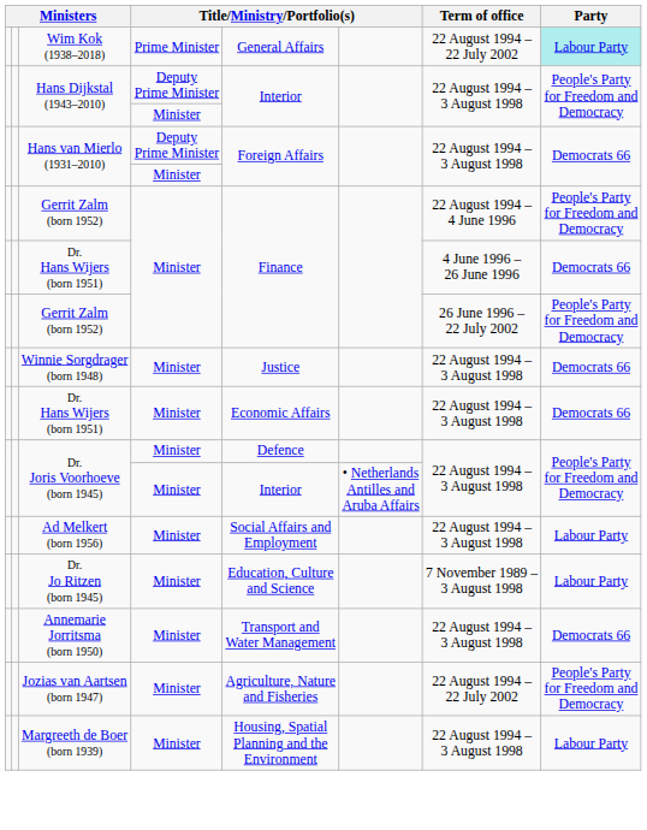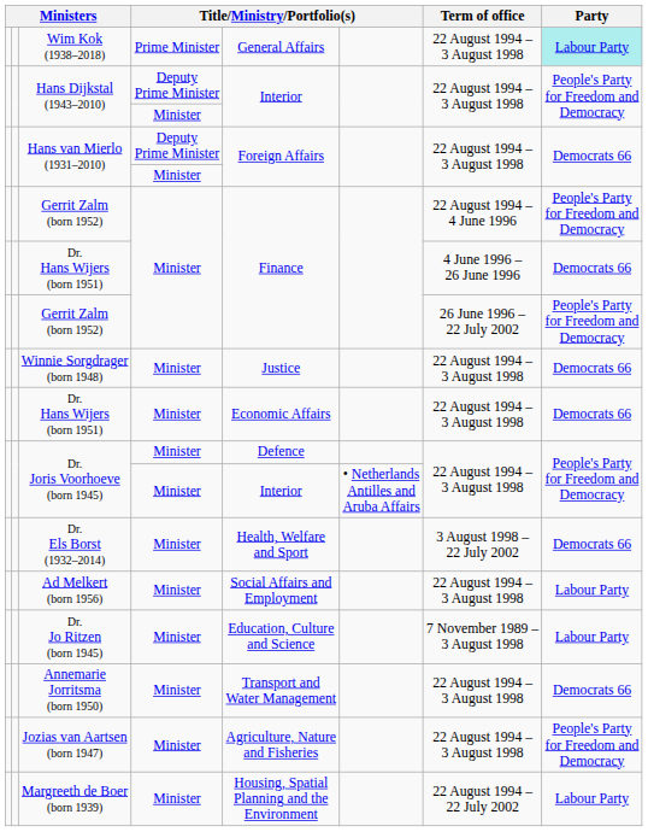 <table class="wikitable" style="text-align:center">
 <tr>
 <th colspan=3><a href='#'>Ministers</a></th>
 <th colspan=3>Title/<a href='#'>Ministry</a>/Portfolio(s)</th>
 <th>Term of office</th>
 <th>Party</th>
 </tr>
 <tr>
 <td style="background:"></td>
 <td></td>
 <td><a href='#'>Wim Kok</a> <br> <small>(1938–2018)</small></td>
 <td><a href='#'>Prime Minister</a></td>
 <td><a href='#'>General Affairs</a></td>
 <td></td>
-<td>22 August 1994 – <br> 22 July 2002 <br> </td>
+<td>22 August 1994 – <br> 3 August 1998</td>
 <td style="background: paleturquoise;"><a href='#'>Labour Party</a></td>
 </tr>
 <tr>
 <td rowspan=2 style="background:"></td>
 <td rowspan=2></td>
 <td rowspan=2><a href='#'>Hans Dijkstal</a> <br> <small>(1943–2010)</small></td>
 <td><a href='#'>Deputy <br> Prime Minister</a></td>
 <td rowspan=2><a href='#'>Interior</a></td>
 <td rowspan=2></td>
 <td rowspan=2>22 August 1994 – <br> 3 August 1998</td>
 <td rowspan=2><a href='#'>People's Party <br> for Freedom and <br> Democracy</a></td>
 </tr>
 <tr>
 <td><a href='#'>Minister</a></td>
 </tr>
 <tr>
 <td rowspan=2 style="background:"></td>
 <td rowspan=2></td>
 <td rowspan=2><a href='#'>Hans van Mierlo</a> <br> <small>(1931–2010)</small></td>
 <td><a href='#'>Deputy <br> Prime Minister</a></td>
 <td rowspan=2><a href='#'>Foreign Affairs</a></td>
 <td rowspan=2></td>
 <td rowspan=2>22 August 1994 – <br> 3 August 1998</td>
 <td rowspan=2><a href='#'>Democrats 66</a></td>
 </tr>
 <tr>
 <td><a href='#'>Minister</a></td>
 </tr>
 <tr>
 <td style="background:"></td>
 <td></td>
 <td><a href='#'>Gerrit Zalm</a> <br> <small>(born 1952)</small></td>
 <td rowspan=3><a href='#'>Minister</a></td>
 <td rowspan=3><a href='#'>Finance</a></td>
 <td rowspan=3></td>
 <td>22 August 1994 – <br> 4 June 1996 <br> </td>
 <td><a href='#'>People's Party <br> for Freedom and <br> Democracy</a></td>
 </tr>
 <tr>
 <td style="background:"></td>
 <td></td>
 <td><small>Dr.</small> <br> <a href='#'>Hans Wijers</a> <br> <small>(born 1951)</small></td>
 <td>4 June 1996 – <br> 26 June 1996 <br> </td>
 <td><a href='#'>Democrats 66</a></td>
 </tr>
 <tr>
 <td style="background:"></td>
 <td></td>
 <td><a href='#'>Gerrit Zalm</a> <br> <small>(born 1952)</small></td>
 <td>26 June 1996 – <br> 22 July 2002 <br> </td>
 <td><a href='#'>People's Party <br> for Freedom and <br> Democracy</a></td>
 </tr>
 <tr>
 <td style="background:"></td>
 <td></td>
 <td><a href='#'>Winnie Sorgdrager</a> <br> <small>(born 1948)</small></td>
 <td><a href='#'>Minister</a></td>
 <td><a href='#'>Justice</a></td>
 <td></td>
 <td>22 August 1994 – <br> 3 August 1998</td>
 <td><a href='#'>Democrats 66</a></td>
 </tr>
 <tr>
 <td style="background:"></td>
 <td></td>
 <td><small>Dr.</small> <br> <a href='#'>Hans Wijers</a> <br> <small>(born 1951)</small></td>
 <td><a href='#'>Minister</a></td>
 <td><a href='#'>Economic Affairs</a></td>
 <td></td>
 <td>22 August 1994 – <br> 3 August 1998</td>
 <td><a href='#'>Democrats 66</a></td>
 </tr>
 <tr>
 <td rowspan=2 style="background:"></td>
 <td rowspan=2></td>
 <td rowspan=2><small>Dr.</small> <br> <a href='#'>Joris Voorhoeve</a> <br> <small>(born 1945)</small></td>
 <td><a href='#'>Minister</a></td>
 <td><a href='#'>Defence</a></td>
 <td></td>
 <td rowspan=2>22 August 1994 – <br> 3 August 1998</td>
 <td rowspan=2><a href='#'>People's Party <br> for Freedom and <br> Democracy</a></td>
 </tr>
 <tr>
 <td><a href='#'>Minister</a></td>
 <td><a href='#'>Interior</a></td>
 <td>• <a href='#'>Netherlands <br> Antilles and <br> Aruba Affairs</a></td>
 </tr>
 <tr>
 <td style="background:"></td>
 <td></td>
+<td><small>Dr.</small> <br> <a href='#'>Els Borst</a> <br> <small>(1932–2014)</small></td>
+<td><a href='#'>Minister</a></td>
+<td><a href='#'>Health, Welfare <br> and Sport</a></td>
+<td></td>
+<td>3 August 1998 – <br> 22 July 2002 <br> </td>
+<td><a href='#'>Democrats 66</a></td>
+</tr>
+<tr>
+<td style="background:"></td>
+<td></td>
 <td><a href='#'>Ad Melkert</a> <br> <small>(born 1956)</small></td>
 <td><a href='#'>Minister</a></td>
 <td><a href='#'>Social Affairs and <br> Employment</a></td>
 <td></td>
 <td>22 August 1994 – <br> 3 August 1998</td>
 <td><a href='#'>Labour Party</a></td>
 </tr>
 <tr>
 <td style="background:"></td>
 <td></td>
 <td><small>Dr.</small> <br> <a href='#'>Jo Ritzen</a> <br> <small>(born 1945)</small></td>
 <td><a href='#'>Minister</a></td>
 <td><a href='#'>Education, Culture <br> and Science</a></td>
 <td></td>
 <td>7 November 1989 – <br> 3 August 1998 <br> </td>
 <td><a href='#'>Labour Party</a></td>
 </tr>
 <tr>
 <td style="background:"></td>
 <td></td>
 <td><a href='#'>Annemarie <br> Jorritsma</a> <br> <small>(born 1950)</small></td>
 <td><a href='#'>Minister</a></td>
 <td><a href='#'>Transport and <br> Water Management</a></td>
 <td></td>
 <td>22 August 1994 – <br> 3 August 1998</td>
 <td><a href='#'>Democrats 66</a></td>
 </tr>
 <tr>
 <td style="background:"></td>
 <td></td>
 <td><a href='#'>Jozias van Aartsen</a> <br> <small>(born 1947)</small></td>
 <td><a href='#'>Minister</a></td>
 <td><a href='#'>Agriculture, Nature <br> and Fisheries</a></td>
 <td></td>
-<td>22 August 1994 – <br> 22 July 2002 <br> </td>
+<td>22 August 1994 – <br> 3 August 1998</td>
 <td><a href='#'>People's Party <br> for Freedom and <br> Democracy</a></td>
 </tr>
 <tr>
 <td style="background:"></td>
 <td></td>
 <td><a href='#'>Margreeth de Boer</a> <br> <small>(born 1939)</small></td>
 <td><a href='#'>Minister</a></td>
 <td><a href='#'>Housing, Spatial <br> Planning and the <br> Environment</a></td>
 <td></td>
-<td>22 August 1994 – <br> 3 August 1998</td>
+<td>22 August 1994 – <br> 22 July 2002 <br> </td>
 <td><a href='#'>Labour Party</a></td>
 </tr>
 </table>
